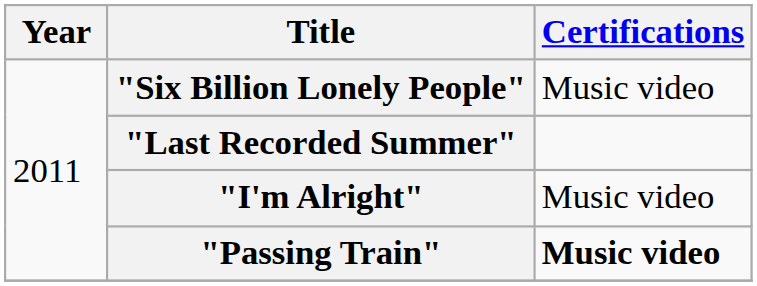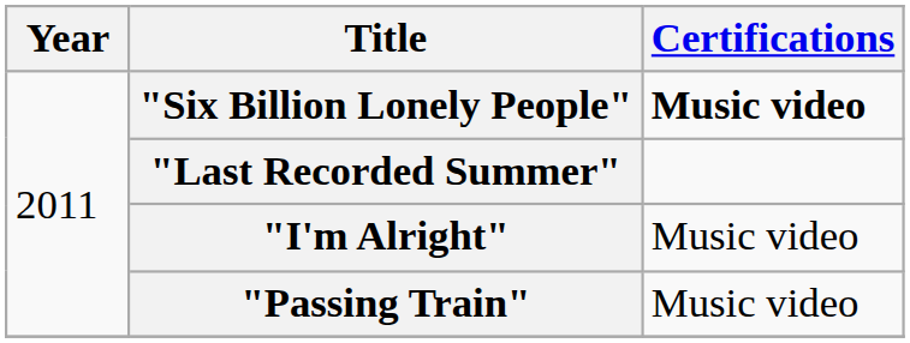 <table class="wikitable plainrowheaders" style="text-align:left;">
 <tr>
 <th scope="col" rowspan="1" style="width:2.5em;">Year</th>
 <th scope="col" rowspan="1">Title</th>
 <th scope="col" rowspan="1"><a href='#'>Certifications</a></th>
 </tr>
 <tr>
 <td rowspan="4">2011</td>
 <th scope="row">"Six Billion Lonely People"</th>
-<td>Music video</td>
+<td><strong>Music video</strong></td>
 </tr>
 <tr>
 <th scope="row">"Last Recorded Summer"</th>
 <td></td>
 </tr>
 <tr>
 <th scope="row">"I'm Alright"</th>
 <td>Music video</td>
 </tr>
 <tr>
 <th scope="row">"Passing Train"</th>
-<td><strong>Music video</strong></td>
+<td>Music video</td>
 </tr>
 <tr>
 </tr>
 </table>
